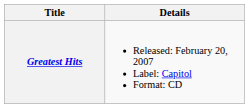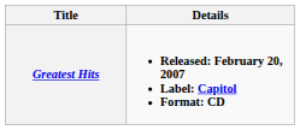 <table class="wikitable plainrowheaders">
 <tr>
 <th align=center width=150>Title</th>
 <th align=center width=210>Details</th>
 </tr>
 <tr>
 <th scope="row"><em><a href='#'>Greatest Hits</a></em></th>
-<td><br><ul><li>Released: February 20, 2007</li><li>Label: <a href='#'>Capitol</a></li><li>Format: CD</li></ul></td>
+<td><strong><br><ul><li>Released: February 20, 2007</li><li>Label: <a href='#'>Capitol</a></li><li>Format: CD</li></ul></strong></td>
 </tr>
 </table>
